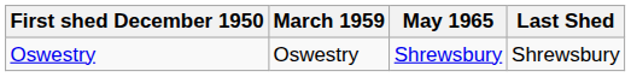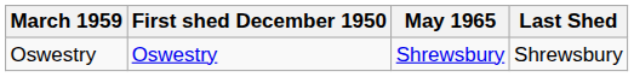 <table class="wikitable">
 <tr>
+<th>March 1959</th>
 <th>First shed December 1950</th>
-<th>March 1959</th>
 <th>May 1965</th>
 <th>Last Shed</th>
 </tr>
 <tr>
+<td>Oswestry</td>
 <td><a href='#'>Oswestry</a></td>
-<td>Oswestry</td>
 <td><a href='#'>Shrewsbury</a></td>
 <td>Shrewsbury</td>
 </tr>
 </table>
